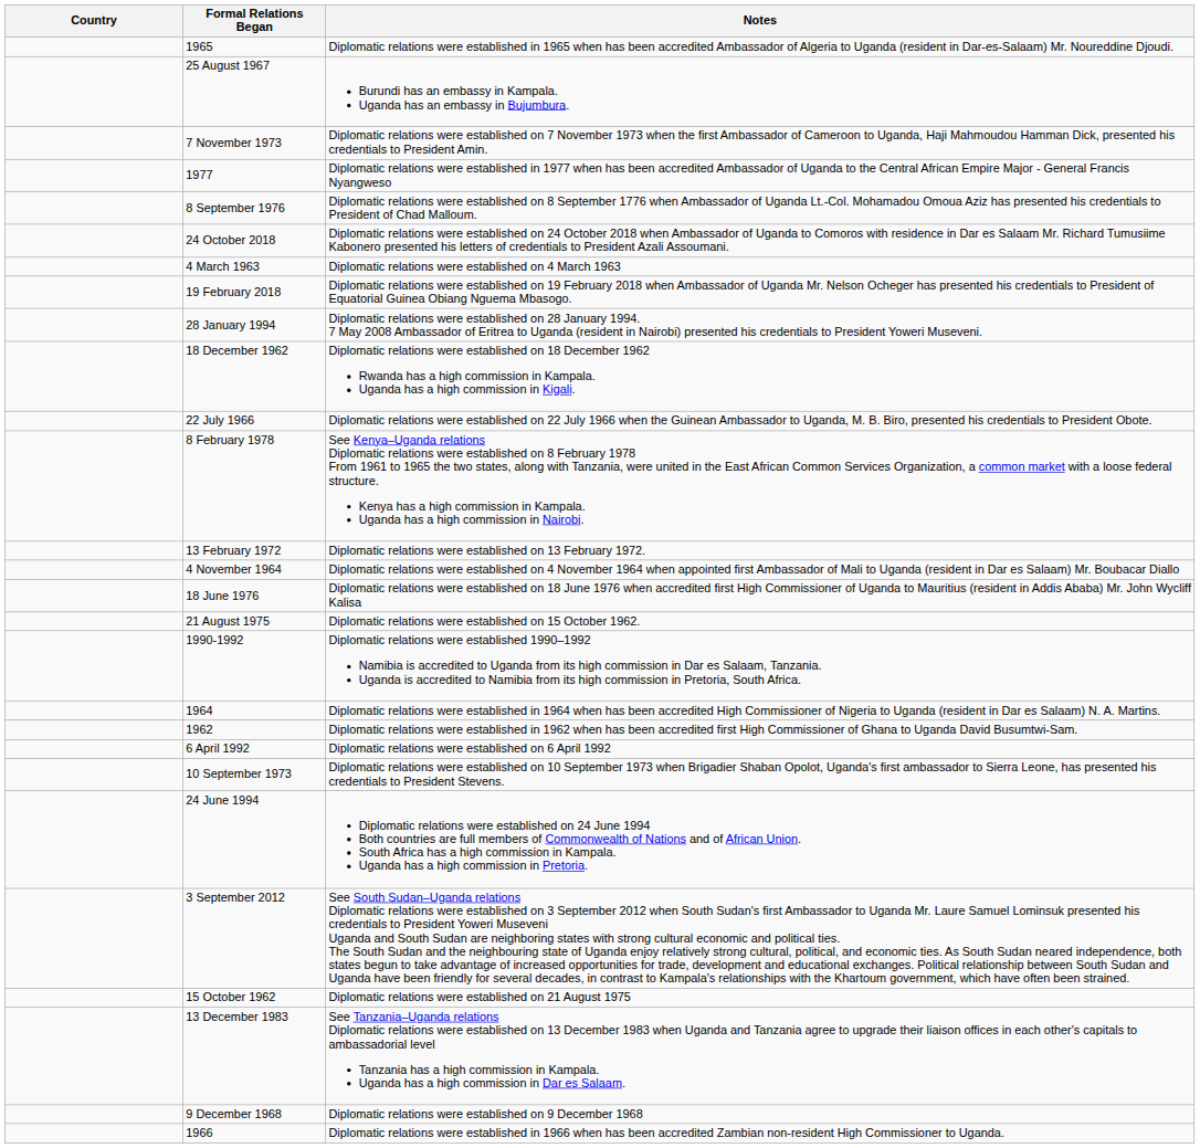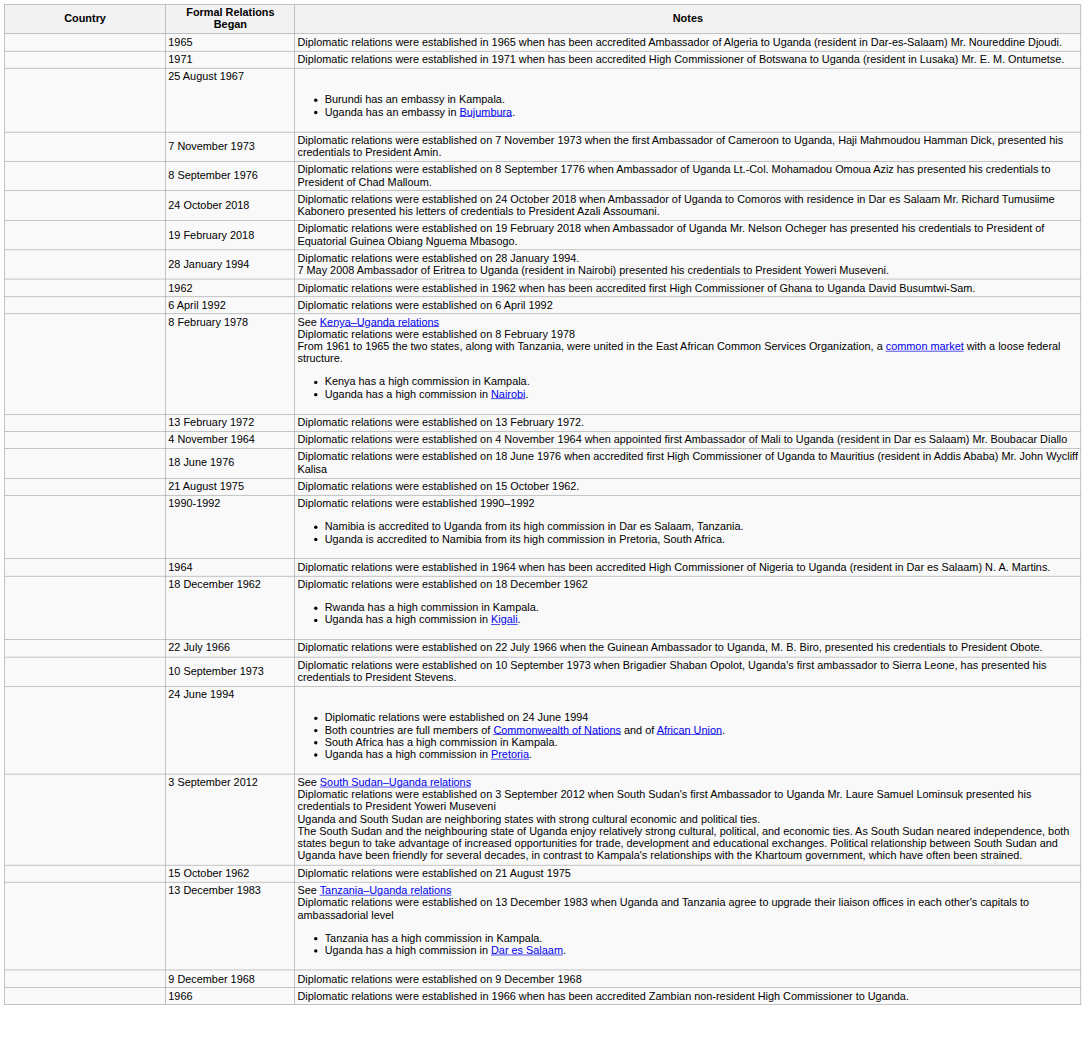 <table class="wikitable sortable" style="width:100%; margin:auto;">
 <tr>
 <th style="width:15%;">Country</th>
 <th style="width:12%;">Formal Relations Began</th>
 <th>Notes</th>
 </tr>
 <tr>
 <td></td>
 <td>1965</td>
 <td>Diplomatic relations were established in 1965 when has been accredited Ambassador of Algeria to Uganda (resident in Dar-es-Salaam) Mr. Noureddine Djoudi.</td>
+</tr>
+<tr>
+<td></td>
+<td>1971</td>
+<td>Diplomatic relations were established in 1971 when has been accredited High Commissioner of Botswana to Uganda (resident in Lusaka) Mr. E. M. Ontumetse.</td>
 </tr>
 <tr valign="top">
 <td></td>
 <td>25 August 1967</td>
 <td><br><ul><li>Burundi has an embassy in Kampala.</li><li>Uganda has an embassy in <a href='#'>Bujumbura</a>.</li></ul></td>
 </tr>
 <tr>
 <td></td>
 <td>7 November 1973</td>
 <td>Diplomatic relations were established on 7 November 1973 when the first Ambassador of Cameroon to Uganda, Haji Mahmoudou Hamman Dick, presented his credentials to President Amin.</td>
 </tr>
 <tr>
 <td></td>
-<td>1977</td>
-<td>Diplomatic relations were established in 1977 when has been accredited Ambassador of Uganda to the Central African Empire Major - General Francis Nyangweso</td>
-</tr>
-<tr>
-<td></td>
 <td>8 September 1976</td>
 <td>Diplomatic relations were established on 8 September 1776 when Ambassador of Uganda Lt.-Col. Mohamadou Omoua Aziz has presented his credentials to President of Chad Malloum.</td>
 </tr>
 <tr>
 <td></td>
 <td>24 October 2018</td>
 <td>Diplomatic relations were established on 24 October 2018 when Ambassador of Uganda to Comoros with residence in Dar es Salaam Mr. Richard Tumusiime Kabonero presented his letters of credentials to President Azali Assoumani.</td>
-</tr>
-<tr>
-<td></td>
-<td>4 March 1963</td>
-<td>Diplomatic relations were established on 4 March 1963</td>
 </tr>
 <tr>
 <td></td>
 <td>19 February 2018</td>
 <td>Diplomatic relations were established on 19 February 2018 when Ambassador of Uganda Mr. Nelson Ocheger has presented his credentials to President of Equatorial Guinea Obiang Nguema Mbasogo.</td>
 </tr>
 <tr>
 <td></td>
 <td>28 January 1994</td>
 <td>Diplomatic relations were established on 28 January 1994.<br>7 May 2008 Ambassador of Eritrea to Uganda (resident in Nairobi) presented his credentials to President Yoweri Museveni.</td>
 </tr>
-<tr valign="top">
+<tr>
 <td></td>
-<td>18 December 1962</td>
-<td>Diplomatic relations were established on 18 December 1962<br><ul><li>Rwanda has a high commission in Kampala.</li><li>Uganda has a high commission in <a href='#'>Kigali</a>.</li></ul></td>
+<td>1962</td>
+<td>Diplomatic relations were established in 1962 when has been accredited first High Commissioner of Ghana to Uganda David Busumtwi-Sam.</td>
 </tr>
 <tr>
 <td></td>
-<td>22 July 1966</td>
-<td>Diplomatic relations were established on 22 July 1966 when the Guinean Ambassador to Uganda, M. B. Biro, presented his credentials to President Obote.</td>
+<td>6 April 1992</td>
+<td>Diplomatic relations were established on 6 April 1992</td>
 </tr>
 <tr valign="top">
 <td></td>
 <td>8 February 1978</td>
 <td>See <a href='#'>Kenya–Uganda relations</a><br>Diplomatic relations were established on 8 February 1978<br>From 1961 to 1965 the two states, along with Tanzania, were united in the East African Common Services Organization, a <a href='#'>common market</a> with a loose federal structure.<ul><li>Kenya has a high commission in Kampala.</li><li>Uganda has a high commission in <a href='#'>Nairobi</a>.</li></ul></td>
 </tr>
 <tr>
 <td></td>
 <td>13 February 1972</td>
 <td>Diplomatic relations were established on 13 February 1972.</td>
 </tr>
 <tr>
 <td></td>
 <td>4 November 1964</td>
 <td>Diplomatic relations were established on 4 November 1964 when appointed first Ambassador of Mali to Uganda (resident in Dar es Salaam) Mr. Boubacar Diallo</td>
 </tr>
 <tr>
 <td></td>
 <td>18 June 1976</td>
 <td>Diplomatic relations were established on 18 June 1976 when accredited first High Commissioner of Uganda to Mauritius (resident in Addis Ababa) Mr. John Wycliff Kalisa</td>
 </tr>
 <tr>
 <td></td>
 <td>21 August 1975</td>
 <td>Diplomatic relations were established on 15 October 1962.</td>
 </tr>
 <tr valign="top">
 <td></td>
 <td>1990-1992</td>
 <td>Diplomatic relations were established 1990–1992<br><ul><li>Namibia is accredited to Uganda from its high commission in Dar es Salaam, Tanzania.</li><li>Uganda is accredited to Namibia from its high commission in Pretoria, South Africa.</li></ul></td>
 </tr>
 <tr>
 <td></td>
 <td>1964</td>
 <td>Diplomatic relations were established in 1964 when has been accredited High Commissioner of Nigeria to Uganda (resident in Dar es Salaam) N. A. Martins.</td>
 </tr>
-<tr>
+<tr valign="top">
 <td></td>
-<td>1962</td>
-<td>Diplomatic relations were established in 1962 when has been accredited first High Commissioner of Ghana to Uganda David Busumtwi-Sam.</td>
+<td>18 December 1962</td>
+<td>Diplomatic relations were established on 18 December 1962<br><ul><li>Rwanda has a high commission in Kampala.</li><li>Uganda has a high commission in <a href='#'>Kigali</a>.</li></ul></td>
 </tr>
 <tr>
 <td></td>
-<td>6 April 1992</td>
-<td>Diplomatic relations were established on 6 April 1992</td>
+<td>22 July 1966</td>
+<td>Diplomatic relations were established on 22 July 1966 when the Guinean Ambassador to Uganda, M. B. Biro, presented his credentials to President Obote.</td>
 </tr>
 <tr>
 <td></td>
 <td>10 September 1973</td>
 <td>Diplomatic relations were established on 10 September 1973 when Brigadier Shaban Opolot, Uganda's first ambassador to Sierra Leone, has presented his credentials to President Stevens.</td>
 </tr>
 <tr valign="top">
 <td></td>
 <td>24 June 1994</td>
 <td><br><ul><li>Diplomatic relations were established on 24 June 1994</li><li>Both countries are full members of <a href='#'>Commonwealth of Nations</a> and of <a href='#'>African Union</a>.</li><li>South Africa has a high commission in Kampala.</li><li>Uganda has a high commission in <a href='#'>Pretoria</a>.</li></ul></td>
 </tr>
 <tr valign="top">
 <td></td>
 <td>3 September 2012</td>
 <td>See <a href='#'>South Sudan–Uganda relations</a><br>Diplomatic relations were established on 3 September 2012 when South Sudan's first Ambassador to Uganda Mr. Laure Samuel Lominsuk presented his credentials to President Yoweri Museveni<br>Uganda and South Sudan are neighboring states with strong cultural economic and political ties.<br>The South Sudan and the neighbouring state of Uganda enjoy relatively strong cultural, political, and economic ties. As South Sudan neared independence, both states begun to take advantage of increased opportunities for trade, development and educational exchanges. Political relationship between South Sudan and Uganda have been friendly for several decades, in contrast to Kampala's relationships with the Khartoum government, which have often been strained.</td>
 </tr>
 <tr>
 <td></td>
 <td>15 October 1962</td>
 <td>Diplomatic relations were established on 21 August 1975</td>
 </tr>
 <tr valign="top">
 <td></td>
 <td>13 December 1983</td>
 <td>See <a href='#'>Tanzania–Uganda relations</a><br>Diplomatic relations were established on 13 December 1983 when Uganda and Tanzania agree to upgrade their liaison offices in each other's capitals to ambassadorial level<ul><li>Tanzania has a high commission in Kampala.</li><li>Uganda has a high commission in <a href='#'>Dar es Salaam</a>.</li></ul></td>
 </tr>
 <tr>
 <td></td>
 <td>9 December 1968</td>
 <td>Diplomatic relations were established on 9 December 1968</td>
 </tr>
 <tr>
 <td></td>
 <td>1966</td>
 <td>Diplomatic relations were established in 1966 when has been accredited Zambian  non-resident High Commissioner to Uganda.</td>
 </tr>
 </table>
